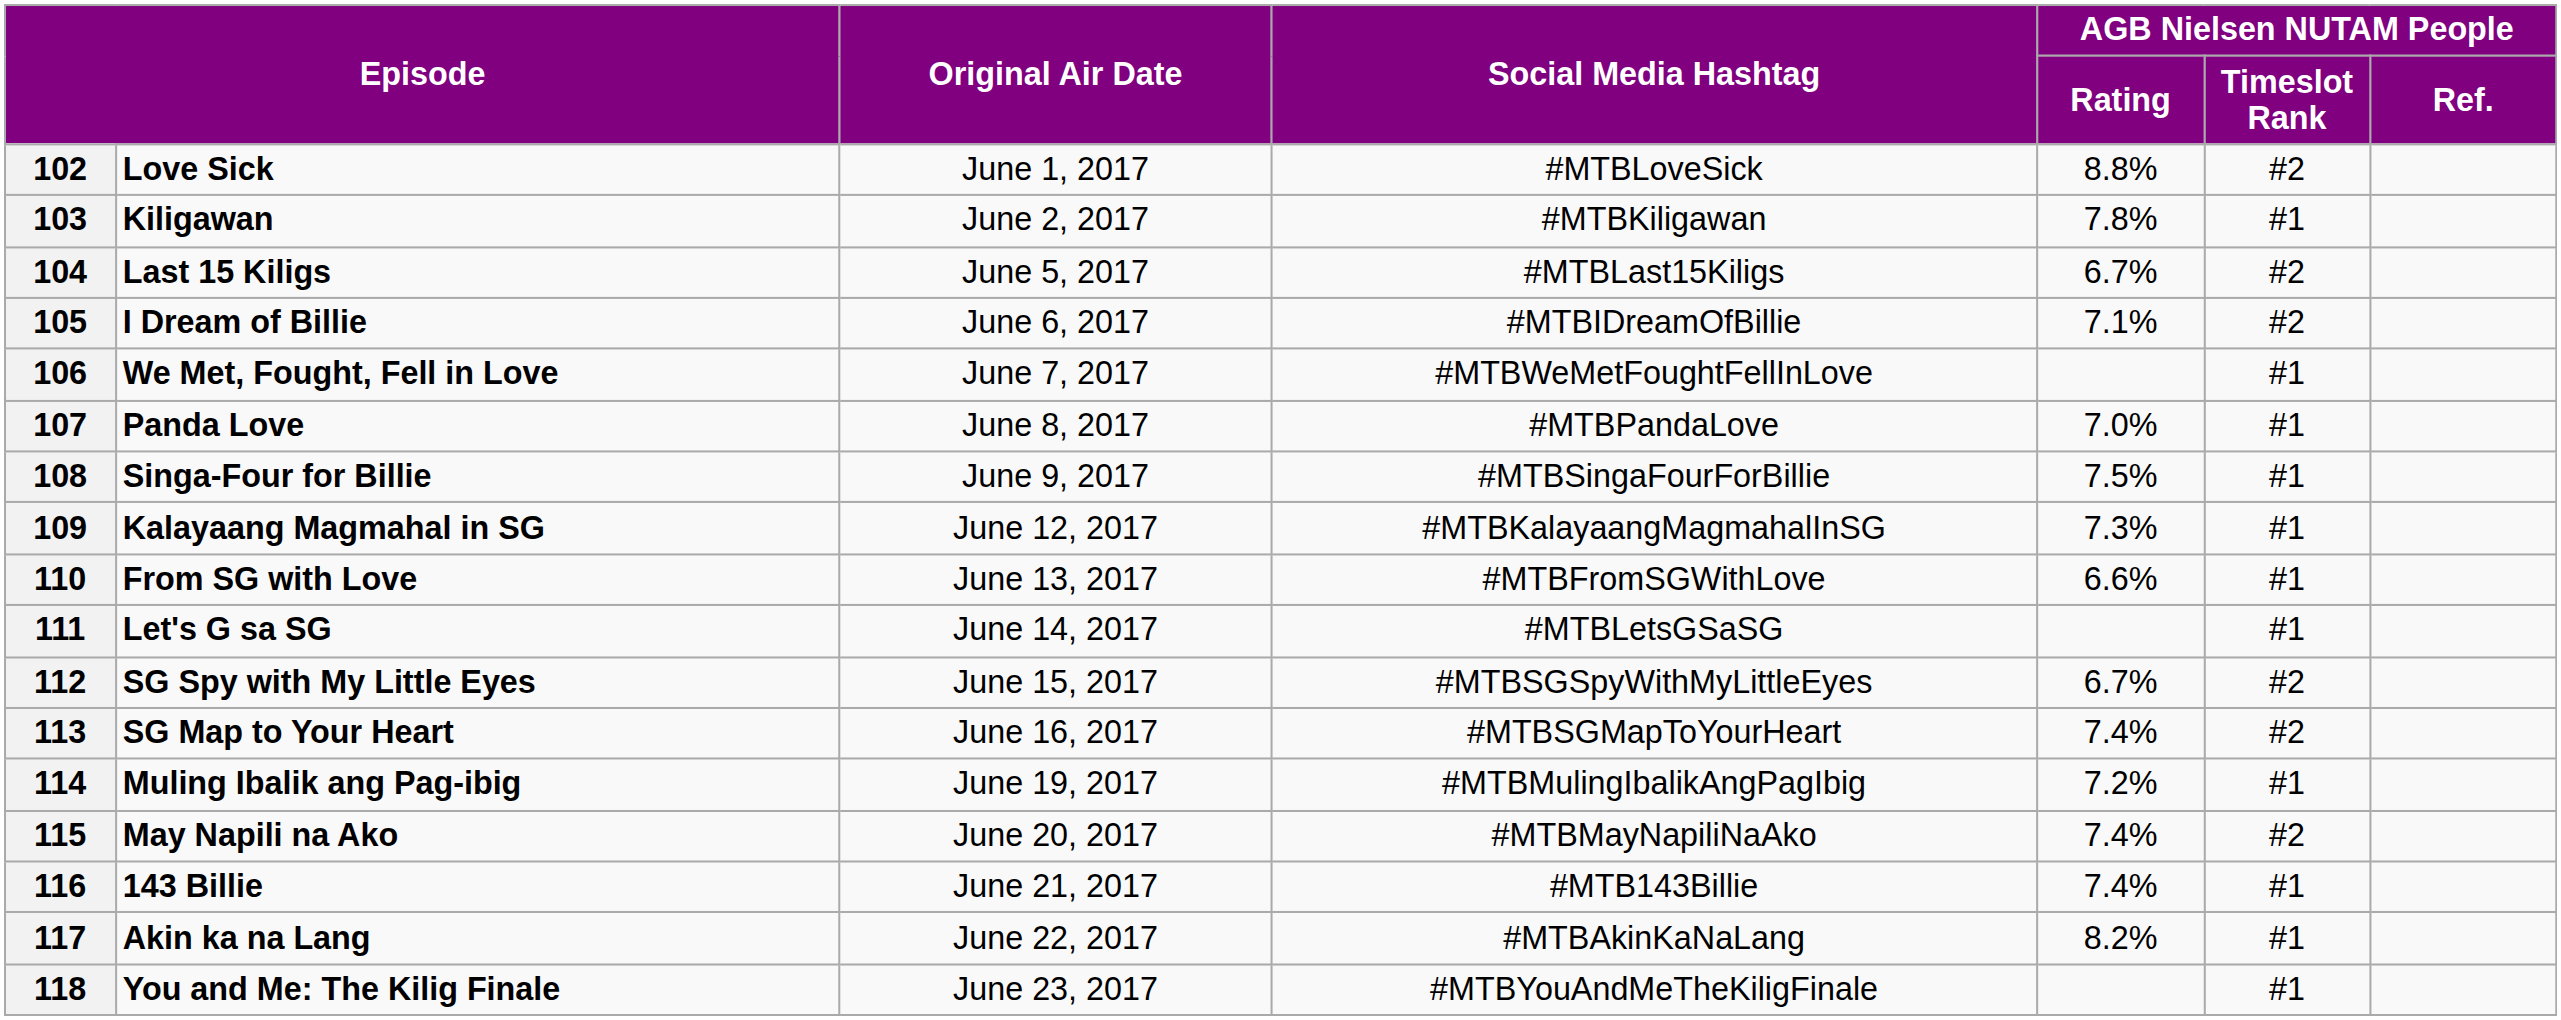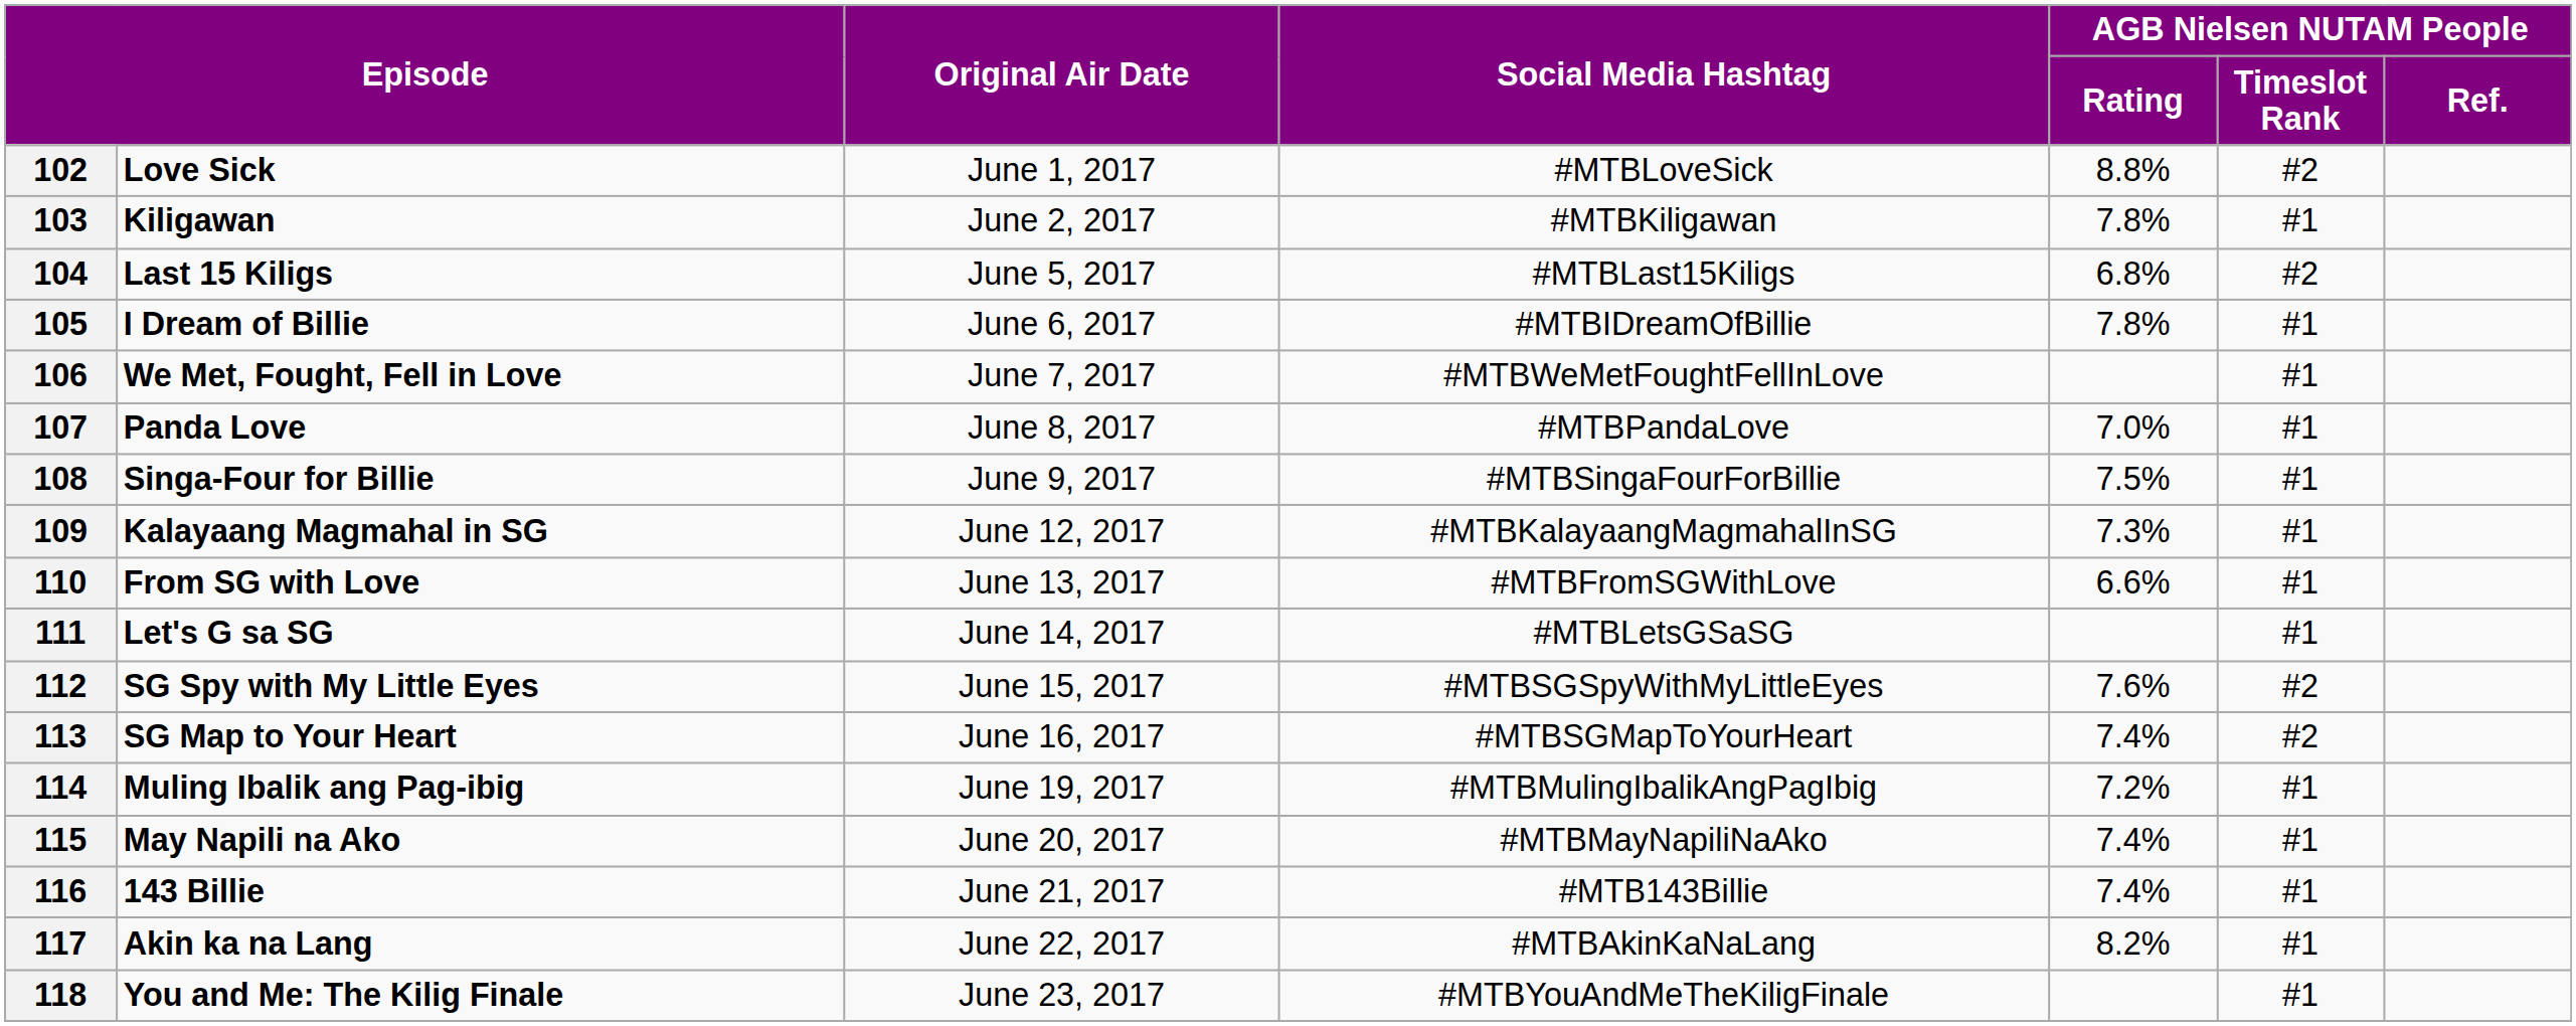 <table class="wikitable" style="text-align:center; font-size:100%; line-height:18px;"  width="100%">
 <tr>
 <th colspan="2" rowspan="2" style="background-color:#800080; color:#ffffff;">Episode</th>
 <th style="background:#800080; color:white" rowspan="2">Original Air Date</th>
 <th style="background:#800080; color:white" rowspan="2">Social Media Hashtag</th>
 <th style="background-color:#800080; color:#ffffff;" colspan="3">AGB Nielsen NUTAM People</th>
 </tr>
 <tr>
 <th style="background-color:#800080; width:75px; color:#ffffff;">Rating</th>
 <th style="background-color:#800080; width:75px; color:#ffffff;">Timeslot<br>Rank</th>
 <th style="background-color:#800080; color:#ffffff;">Ref.</th>
 </tr>
 <tr>
 <th>102</th>
 <td style="text-align: left;"><strong>Love Sick</strong></td>
 <td>June 1, 2017</td>
 <td>#MTBLoveSick</td>
 <td>8.8%</td>
 <td>#2</td>
 <td></td>
 </tr>
 <tr>
 <th>103</th>
 <td style="text-align: left;"><strong>Kiligawan</strong></td>
 <td>June 2, 2017</td>
 <td>#MTBKiligawan</td>
 <td>7.8%</td>
 <td>#1</td>
 <td></td>
 </tr>
 <tr>
 <th>104</th>
 <td style="text-align: left;"><strong>Last 15 Kiligs</strong></td>
 <td>June 5, 2017</td>
 <td>#MTBLast15Kiligs</td>
-<td>6.7%</td>
+<td>6.8%</td>
 <td>#2</td>
 <td></td>
 </tr>
 <tr>
 <th>105</th>
 <td style="text-align: left;"><strong>I Dream of Billie</strong></td>
 <td>June 6, 2017</td>
 <td>#MTBIDreamOfBillie</td>
-<td>7.1%</td>
-<td>#2</td>
+<td>7.8%</td>
+<td>#1</td>
 <td></td>
 </tr>
 <tr>
 <th>106</th>
 <td style="text-align: left;"><strong>We Met, Fought, Fell in Love</strong></td>
 <td>June 7, 2017</td>
 <td>#MTBWeMetFoughtFellInLove</td>
 <td></td>
 <td>#1</td>
 <td></td>
 </tr>
 <tr>
 <th>107</th>
 <td style="text-align: left;"><strong>Panda Love</strong></td>
 <td>June 8, 2017</td>
 <td>#MTBPandaLove</td>
 <td>7.0%</td>
 <td>#1</td>
 <td></td>
 </tr>
 <tr>
 <th>108</th>
 <td style="text-align: left;"><strong>Singa-Four for Billie</strong></td>
 <td>June 9, 2017</td>
 <td>#MTBSingaFourForBillie</td>
 <td>7.5%</td>
 <td>#1</td>
 <td></td>
 </tr>
 <tr>
 <th>109</th>
 <td style="text-align: left;"><strong>Kalayaang Magmahal in SG</strong></td>
 <td>June 12, 2017</td>
 <td>#MTBKalayaangMagmahalInSG</td>
 <td>7.3%</td>
 <td>#1</td>
 <td></td>
 </tr>
 <tr>
 <th>110</th>
 <td style="text-align: left;"><strong>From SG with Love</strong></td>
 <td>June 13, 2017</td>
 <td>#MTBFromSGWithLove</td>
 <td>6.6%</td>
 <td>#1</td>
 <td></td>
 </tr>
 <tr>
 <th>111</th>
 <td style="text-align: left;"><strong>Let's G sa SG</strong></td>
 <td>June 14, 2017</td>
 <td>#MTBLetsGSaSG</td>
 <td></td>
 <td>#1</td>
 <td></td>
 </tr>
 <tr>
 <th>112</th>
 <td style="text-align: left;"><strong>SG Spy with My Little Eyes</strong></td>
 <td>June 15, 2017</td>
 <td>#MTBSGSpyWithMyLittleEyes</td>
-<td>6.7%</td>
+<td>7.6%</td>
 <td>#2</td>
 <td></td>
 </tr>
 <tr>
 <th>113</th>
 <td style="text-align: left;"><strong>SG Map to Your Heart</strong></td>
 <td>June 16, 2017</td>
 <td>#MTBSGMapToYourHeart</td>
 <td>7.4%</td>
 <td>#2</td>
 <td></td>
 </tr>
 <tr>
 <th>114</th>
 <td style="text-align: left;"><strong>Muling Ibalik ang Pag-ibig</strong></td>
 <td>June 19, 2017</td>
 <td>#MTBMulingIbalikAngPagIbig</td>
 <td>7.2%</td>
 <td>#1</td>
 <td></td>
 </tr>
 <tr>
 <th>115</th>
 <td style="text-align: left;"><strong>May Napili na Ako</strong></td>
 <td>June 20, 2017</td>
 <td>#MTBMayNapiliNaAko</td>
 <td>7.4%</td>
-<td>#2</td>
+<td>#1</td>
 <td></td>
 </tr>
 <tr>
 <th>116</th>
 <td style="text-align: left;"><strong>143 Billie</strong></td>
 <td>June 21, 2017</td>
 <td>#MTB143Billie</td>
 <td>7.4%</td>
 <td>#1</td>
 <td></td>
 </tr>
 <tr>
 <th>117</th>
 <td style="text-align: left;"><strong>Akin ka na Lang</strong></td>
 <td>June 22, 2017</td>
 <td>#MTBAkinKaNaLang</td>
 <td>8.2%</td>
 <td>#1</td>
 <td></td>
 </tr>
 <tr>
 <th>118</th>
 <td style="text-align: left;"><strong>You and Me: The Kilig Finale</strong></td>
 <td>June 23, 2017</td>
 <td>#MTBYouAndMeTheKiligFinale</td>
 <td></td>
 <td>#1</td>
 <td></td>
 </tr>
 <tr>
 </tr>
 </table>
